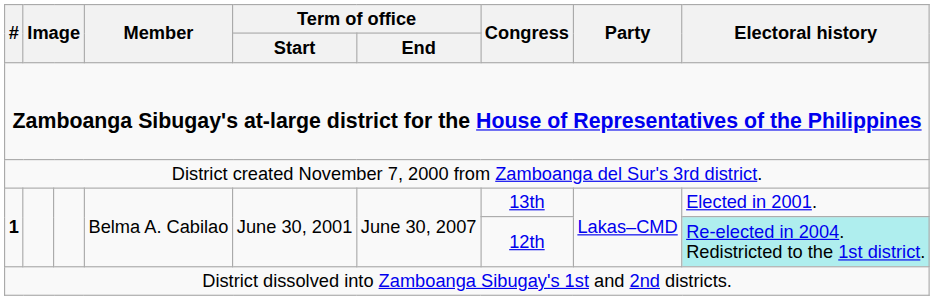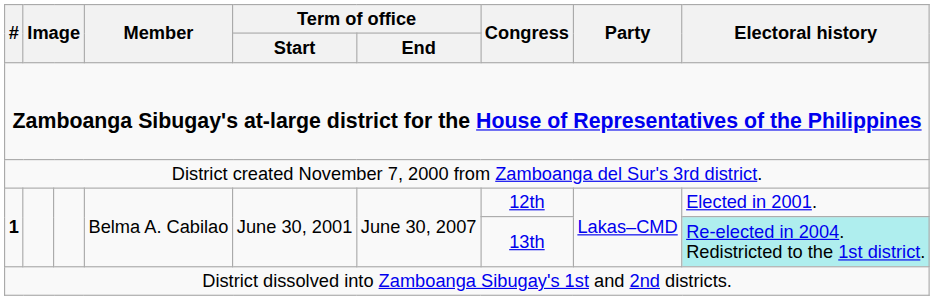 <table class=wikitable>
 <tr>
 <th rowspan="2">#</th>
 <th rowspan="2" colspan=2>Image</th>
 <th rowspan="2">Member</th>
 <th colspan=2>Term of office</th>
 <th rowspan="2">Congress</th>
 <th rowspan="2">Party</th>
 <th rowspan="2">Electoral history</th>
 </tr>
 <tr>
 <th>Start</th>
 <th>End</th>
 </tr>
 <tr>
 <td colspan="9" style="text-align:center;"><br><h3>Zamboanga Sibugay's at-large district for the <a href='#'>House of Representatives of the Philippines</a></h3></td>
 </tr>
 <tr>
 <td colspan="9" style="text-align:center;">District created November 7, 2000 from <a href='#'>Zamboanga del Sur's 3rd district</a>.</td>
 </tr>
 <tr>
 <td rowspan="2" style="text-align:center;"><strong>1</strong></td>
 <td rowspan="2" style="background:"></td>
 <td rowspan="2"></td>
 <td rowspan="2">Belma A. Cabilao</td>
 <td rowspan="2">June 30, 2001</td>
 <td rowspan="2">June 30, 2007</td>
-<td style="text-align:center;"><a href='#'>13th</a></td>
+<td style="text-align:center;"><a href='#'>12th</a></td>
 <td rowspan="2"><a href='#'>Lakas–CMD</a></td>
 <td><a href='#'>Elected in 2001</a>.</td>
 </tr>
 <tr>
-<td style="text-align:center;"><a href='#'>12th</a></td>
+<td style="text-align:center;"><a href='#'>13th</a></td>
 <td style="background: paleturquoise;"><a href='#'>Re-elected in 2004</a>.<br>Redistricted to the <a href='#'>1st district</a>.</td>
 </tr>
 <tr>
 <td colspan="9" style="text-align:center;">District dissolved into <a href='#'>Zamboanga Sibugay's 1st</a> and <a href='#'>2nd</a> districts.</td>
 </tr>
 </table>
